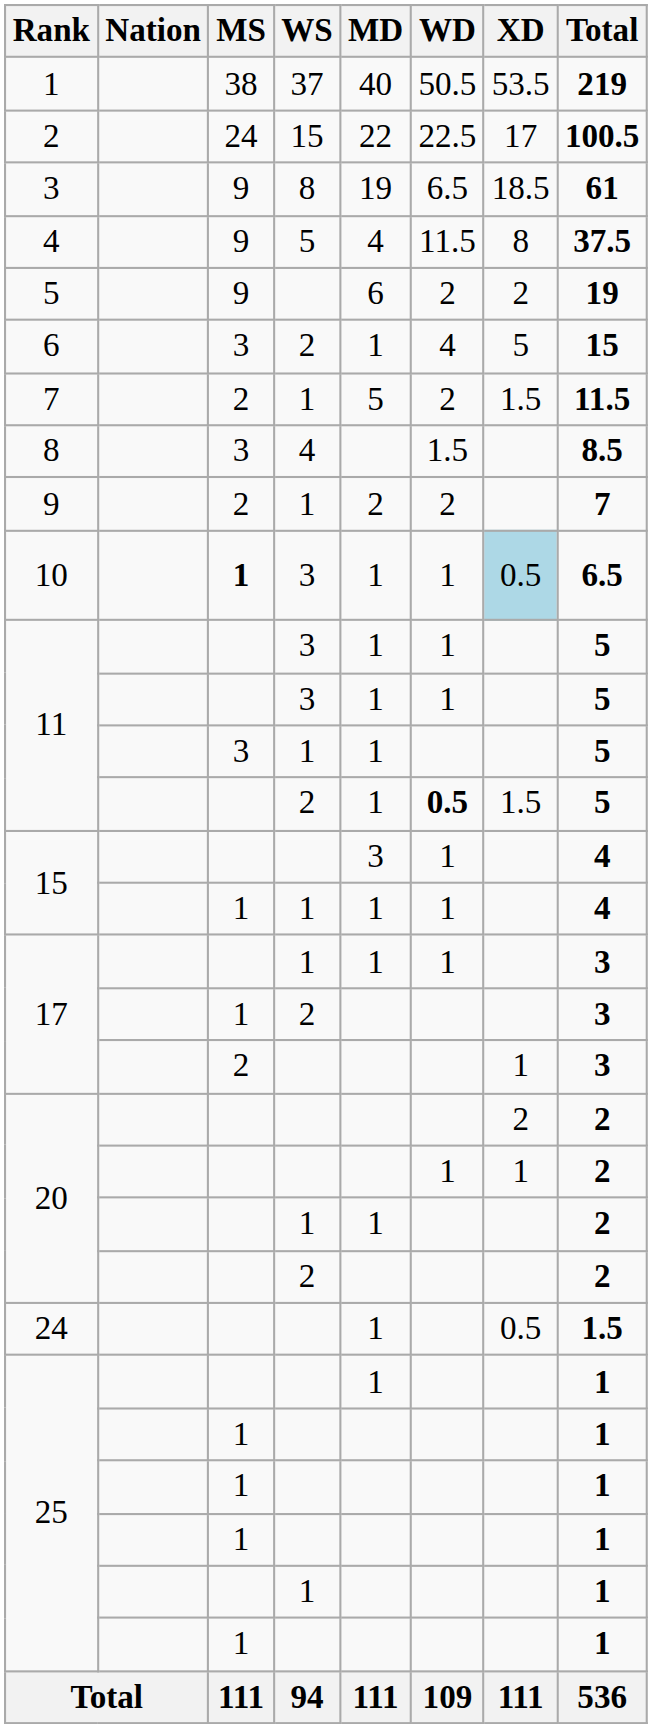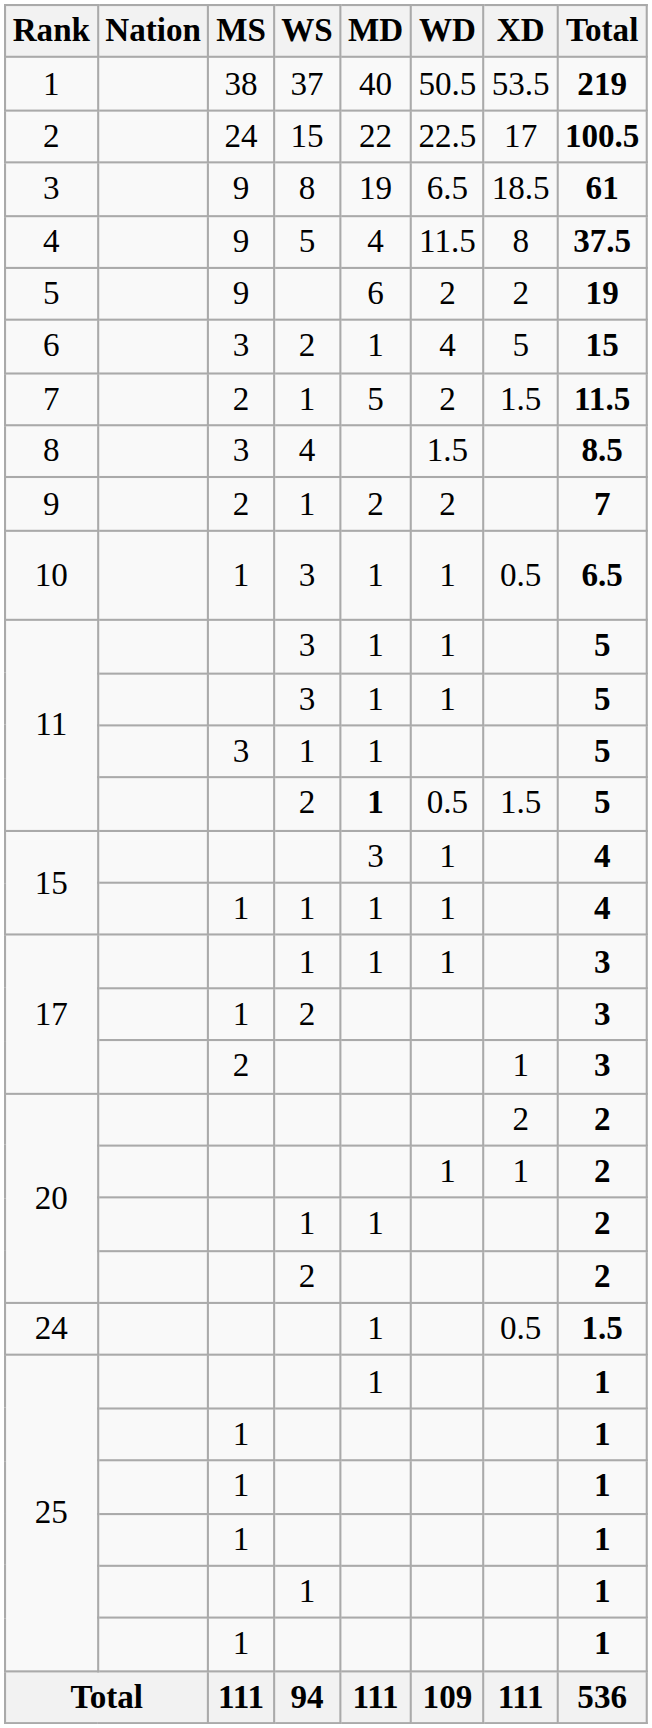 <table class="wikitable" style="text-align:center">
 <tr>
 <th width="20">Rank</th>
 <th>Nation</th>
 <th width="20">MS</th>
 <th width="20">WS</th>
 <th width="20">MD</th>
 <th width="20">WD</th>
 <th width="20">XD</th>
 <th>Total</th>
 </tr>
 <tr align=center>
 <td>1</td>
 <td align=left></td>
 <td>38</td>
 <td>37</td>
 <td>40</td>
 <td>50.5</td>
 <td>53.5</td>
 <td><strong>219</strong></td>
 </tr>
 <tr align=center>
 <td>2</td>
 <td align=left><strong></strong></td>
 <td>24</td>
 <td>15</td>
 <td>22</td>
 <td>22.5</td>
 <td>17</td>
 <td><strong>100.5</strong></td>
 </tr>
 <tr align=center>
 <td>3</td>
 <td align=left></td>
 <td>9</td>
 <td>8</td>
 <td>19</td>
 <td>6.5</td>
 <td>18.5</td>
 <td><strong>61</strong></td>
 </tr>
 <tr align=center>
 <td>4</td>
 <td align=left></td>
 <td>9</td>
 <td>5</td>
 <td>4</td>
 <td>11.5</td>
 <td>8</td>
 <td><strong>37.5</strong></td>
 </tr>
 <tr align=center>
 <td>5</td>
 <td align=left><em></em><br></td>
 <td>9</td>
 <td></td>
 <td>6</td>
 <td>2</td>
 <td>2</td>
 <td><strong>19</strong></td>
 </tr>
 <tr align=center>
 <td>6</td>
 <td align=left></td>
 <td>3</td>
 <td>2</td>
 <td>1</td>
 <td>4</td>
 <td>5</td>
 <td><strong>15</strong></td>
 </tr>
 <tr align=center>
 <td>7</td>
 <td align=left></td>
 <td>2</td>
 <td>1</td>
 <td>5</td>
 <td>2</td>
 <td>1.5</td>
 <td><strong>11.5</strong></td>
 </tr>
 <tr align=center>
 <td>8</td>
 <td align=left></td>
 <td>3</td>
 <td>4</td>
 <td></td>
 <td>1.5</td>
 <td></td>
 <td><strong>8.5</strong></td>
 </tr>
 <tr align=center>
 <td>9</td>
 <td align=left></td>
 <td>2</td>
 <td>1</td>
 <td>2</td>
 <td>2</td>
 <td></td>
 <td><strong>7</strong></td>
 </tr>
 <tr align=center>
 <td>10</td>
 <td align=left><em></em><br><em></em><br></td>
-<td><strong>1</strong></td>
+<td>1</td>
 <td>3</td>
 <td>1</td>
 <td>1</td>
-<td style="background: lightblue;">0.5</td>
+<td>0.5</td>
 <td><strong>6.5</strong></td>
 </tr>
 <tr align=center>
 <td rowspan="4">11</td>
 <td align=left></td>
 <td></td>
 <td>3</td>
 <td>1</td>
 <td>1</td>
 <td></td>
 <td><strong>5</strong></td>
 </tr>
 <tr align=center>
 <td align=left></td>
 <td></td>
 <td>3</td>
 <td>1</td>
 <td>1</td>
 <td></td>
 <td><strong>5</strong></td>
 </tr>
 <tr align=center>
 <td align=left></td>
 <td>3</td>
 <td>1</td>
 <td>1</td>
 <td></td>
 <td></td>
 <td><strong>5</strong></td>
 </tr>
 <tr align=center>
 <td align=left></td>
 <td></td>
 <td>2</td>
-<td>1</td>
-<td><strong>0.5</strong></td>
+<td><strong>1</strong></td>
+<td>0.5</td>
 <td>1.5</td>
 <td><strong>5</strong></td>
 </tr>
 <tr align=center>
 <td rowspan="2">15</td>
 <td align=left></td>
 <td></td>
 <td></td>
 <td>3</td>
 <td>1</td>
 <td></td>
 <td><strong>4</strong></td>
 </tr>
 <tr align=center>
 <td align=left></td>
 <td>1</td>
 <td>1</td>
 <td>1</td>
 <td>1</td>
 <td></td>
 <td><strong>4</strong></td>
 </tr>
 <tr align=center>
 <td rowspan=3>17</td>
 <td align=left></td>
 <td></td>
 <td>1</td>
 <td>1</td>
 <td>1</td>
 <td></td>
 <td><strong>3</strong></td>
 </tr>
 <tr align=center>
 <td align=left></td>
 <td>1</td>
 <td>2</td>
 <td></td>
 <td></td>
 <td></td>
 <td><strong>3</strong></td>
 </tr>
 <tr align="center">
 <td align=left></td>
 <td>2</td>
 <td></td>
 <td></td>
 <td></td>
 <td>1</td>
 <td><strong>3</strong></td>
 </tr>
 <tr align=center>
 <td rowspan="4">20</td>
 <td align="left"></td>
 <td></td>
 <td></td>
 <td></td>
 <td></td>
 <td>2</td>
 <td><strong>2</strong></td>
 </tr>
 <tr align="center">
 <td align="left"></td>
 <td></td>
 <td></td>
 <td></td>
 <td>1</td>
 <td>1</td>
 <td><strong>2</strong></td>
 </tr>
 <tr align=center>
 <td align=left></td>
 <td></td>
 <td>1</td>
 <td>1</td>
 <td></td>
 <td></td>
 <td><strong>2</strong></td>
 </tr>
 <tr align=center>
 <td align=left></td>
 <td></td>
 <td>2</td>
 <td></td>
 <td></td>
 <td></td>
 <td><strong>2</strong></td>
 </tr>
 <tr align=center>
 <td>24</td>
 <td align=left></td>
 <td></td>
 <td></td>
 <td>1</td>
 <td></td>
 <td>0.5</td>
 <td><strong>1.5</strong></td>
 </tr>
 <tr align=center>
 <td rowspan=6>25</td>
 <td align=left></td>
 <td></td>
 <td></td>
 <td>1</td>
 <td></td>
 <td></td>
 <td><strong>1</strong></td>
 </tr>
 <tr align=center>
 <td align=left><em></em></td>
 <td>1</td>
 <td></td>
 <td></td>
 <td></td>
 <td></td>
 <td><strong>1</strong></td>
 </tr>
 <tr align=center>
 <td align=left></td>
 <td>1</td>
 <td></td>
 <td></td>
 <td></td>
 <td></td>
 <td><strong>1</strong></td>
 </tr>
 <tr align=center>
 <td align=left></td>
 <td>1</td>
 <td></td>
 <td></td>
 <td></td>
 <td></td>
 <td><strong>1</strong></td>
 </tr>
 <tr align=center>
 <td align=left></td>
 <td></td>
 <td>1</td>
 <td></td>
 <td></td>
 <td></td>
 <td><strong>1</strong></td>
 </tr>
 <tr align=center>
 <td align=left></td>
 <td>1</td>
 <td></td>
 <td></td>
 <td></td>
 <td></td>
 <td><strong>1</strong></td>
 </tr>
 <tr>
 <th colspan="2">Total</th>
 <th>111</th>
 <th>94</th>
 <th>111</th>
 <th>109</th>
 <th>111</th>
 <th>536</th>
 </tr>
 </table>
